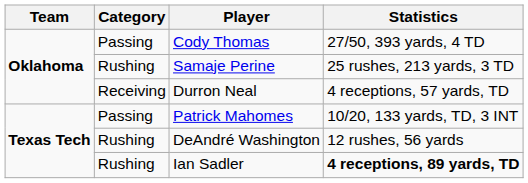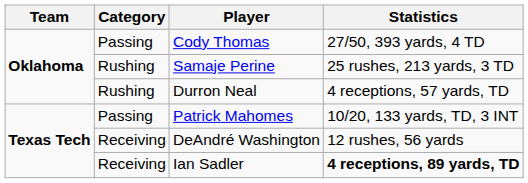 <table class="wikitable" style="float: right;">
 <tr>
 <th>Team</th>
 <th>Category</th>
 <th>Player</th>
 <th>Statistics</th>
 </tr>
 <tr>
 <td rowspan=3><strong>Oklahoma</strong></td>
 <td>Passing</td>
 <td><a href='#'>Cody Thomas</a></td>
 <td>27/50, 393 yards, 4 TD</td>
 </tr>
 <tr>
 <td>Rushing</td>
 <td><a href='#'>Samaje Perine</a></td>
 <td>25 rushes, 213 yards, 3 TD</td>
 </tr>
 <tr>
-<td>Receiving</td>
+<td>Rushing</td>
 <td>Durron Neal</td>
 <td>4 receptions, 57 yards, TD</td>
 </tr>
 <tr>
 <td rowspan=3><strong>Texas Tech</strong></td>
 <td>Passing</td>
 <td><a href='#'>Patrick Mahomes</a></td>
 <td>10/20, 133 yards, TD, 3 INT</td>
 </tr>
 <tr>
-<td>Rushing</td>
+<td>Receiving</td>
 <td>DeAndré Washington</td>
 <td>12 rushes, 56 yards</td>
 </tr>
 <tr>
-<td>Rushing</td>
+<td>Receiving</td>
 <td>Ian Sadler</td>
 <td><strong>4 receptions, 89 yards, TD</strong></td>
 </tr>
 </table>
